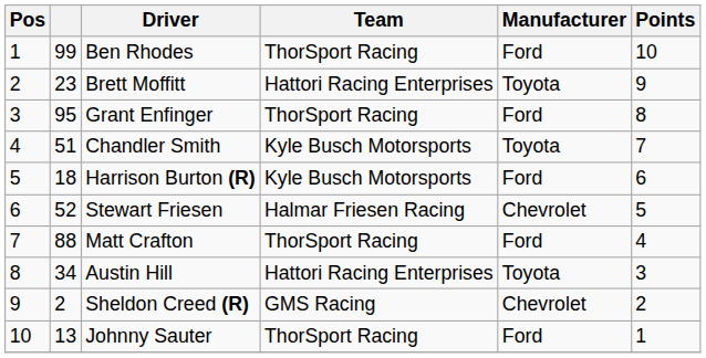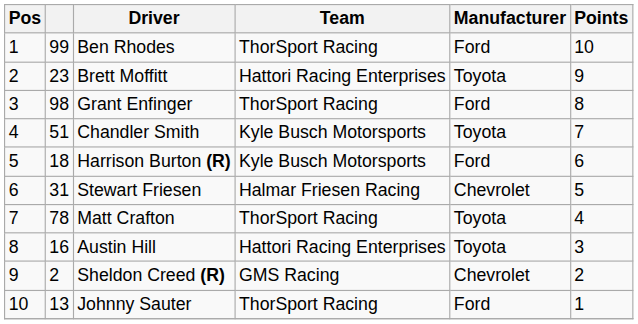 <table class="wikitable" style="font-size:98%">
 <tr>
 <th>Pos</th>
 <th></th>
 <th>Driver</th>
 <th>Team</th>
 <th>Manufacturer</th>
 <th>Points</th>
 </tr>
 <tr>
 <td>1</td>
 <td>99</td>
 <td>Ben Rhodes</td>
 <td>ThorSport Racing</td>
 <td>Ford</td>
 <td>10</td>
 </tr>
 <tr>
 <td>2</td>
 <td>23</td>
 <td>Brett Moffitt</td>
 <td>Hattori Racing Enterprises</td>
 <td>Toyota</td>
 <td>9</td>
 </tr>
 <tr>
 <td>3</td>
-<td>95</td>
+<td>98</td>
 <td>Grant Enfinger</td>
 <td>ThorSport Racing</td>
 <td>Ford</td>
 <td>8</td>
 </tr>
 <tr>
 <td>4</td>
 <td>51</td>
 <td>Chandler Smith</td>
 <td>Kyle Busch Motorsports</td>
 <td>Toyota</td>
 <td>7</td>
 </tr>
 <tr>
 <td>5</td>
 <td>18</td>
 <td>Harrison Burton <strong>(R)</strong></td>
 <td>Kyle Busch Motorsports</td>
 <td>Ford</td>
 <td>6</td>
 </tr>
 <tr>
 <td>6</td>
-<td>52</td>
+<td>31</td>
 <td>Stewart Friesen</td>
 <td>Halmar Friesen Racing</td>
 <td>Chevrolet</td>
 <td>5</td>
 </tr>
 <tr>
 <td>7</td>
-<td>88</td>
+<td>78</td>
 <td>Matt Crafton</td>
 <td>ThorSport Racing</td>
-<td>Ford</td>
+<td>Toyota</td>
 <td>4</td>
 </tr>
 <tr>
 <td>8</td>
-<td>34</td>
+<td>16</td>
 <td>Austin Hill</td>
 <td>Hattori Racing Enterprises</td>
 <td>Toyota</td>
 <td>3</td>
 </tr>
 <tr>
 <td>9</td>
 <td>2</td>
 <td>Sheldon Creed <strong>(R)</strong></td>
 <td>GMS Racing</td>
 <td>Chevrolet</td>
 <td>2</td>
 </tr>
 <tr>
 <td>10</td>
 <td>13</td>
 <td>Johnny Sauter</td>
 <td>ThorSport Racing</td>
 <td>Ford</td>
 <td>1</td>
 </tr>
 <tr>
 </tr>
 </table>
